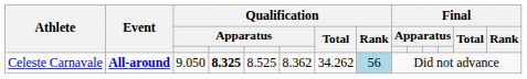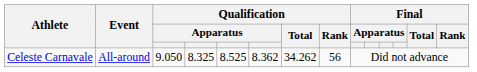 <table class="wikitable" style="font-size:90%">
 <tr>
 <th rowspan=3>Athlete</th>
 <th rowspan=3>Event</th>
 <th colspan =6>Qualification</th>
 <th colspan =6>Final</th>
 </tr>
 <tr style="font-size:95%">
 <th colspan=4>Apparatus</th>
 <th rowspan=2>Total</th>
 <th rowspan=2>Rank</th>
 <th colspan=4>Apparatus</th>
 <th rowspan=2>Total</th>
 <th rowspan=2>Rank</th>
 </tr>
 <tr style="font-size:95%">
 <th></th>
 <th></th>
 <th></th>
 <th></th>
 <th></th>
 <th></th>
 <th></th>
 <th></th>
 </tr>
 <tr align=center>
 <td align=left><a href='#'>Celeste Carnavale</a></td>
-<td align=left><strong><a href='#'>All-around</a></strong></td>
+<td align=left><a href='#'>All-around</a></td>
 <td>9.050</td>
-<td><strong>8.325</strong></td>
+<td>8.325</td>
 <td>8.525</td>
 <td>8.362</td>
 <td>34.262</td>
-<td style="background: lightblue;">56</td>
+<td>56</td>
 <td colspan=6>Did not advance</td>
 </tr>
 </table>
